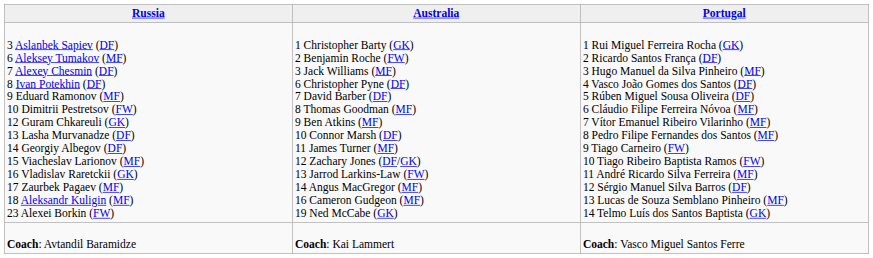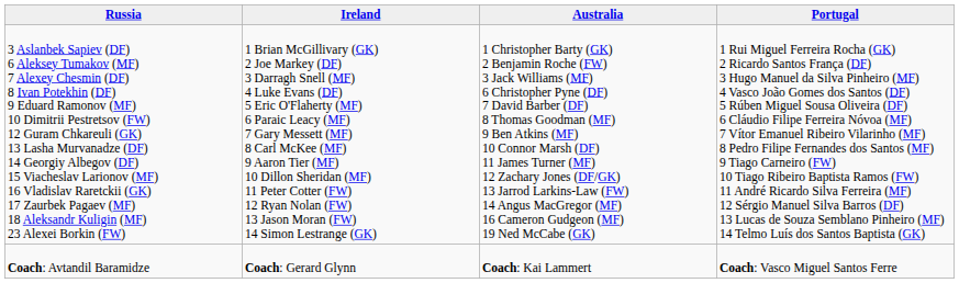 <table class="wikitable mw-collapsible mw-collapsed" cellpadding=5 cellspacing=0 style="width:95%">
 <tr align=center>
 <td bgcolor="#efefef" width="200"><strong> <a href='#'>Russia</a></strong></td>
+<td bgcolor="#efefef" width="200"><strong> <a href='#'>Ireland</a></strong></td>
 <td bgcolor="#efefef" width="200"><strong> <a href='#'>Australia</a></strong></td>
 <td bgcolor="#efefef" width="200"><strong> <a href='#'>Portugal</a></strong></td>
 </tr>
 <tr valign=top>
 <td><br>3 <a href='#'>Aslanbek Sapiev</a> (<a href='#'>DF</a>)<br> 6 <a href='#'>Aleksey Tumakov</a> (<a href='#'>MF</a>)<br> 7 <a href='#'>Alexey Chesmin</a> (<a href='#'>DF</a>)<br> 8 <a href='#'>Ivan Potekhin</a> (<a href='#'>DF</a>)<br> 9 Eduard Ramonov (<a href='#'>MF</a>)<br> 10 Dimitrii Pestretsov (<a href='#'>FW</a>)<br> 12 Guram Chkareuli (<a href='#'>GK</a>)<br> 13 Lasha Murvanadze (<a href='#'>DF</a>)<br> 14 Georgiy Albegov (<a href='#'>DF</a>)<br> 15 Viacheslav Larionov (<a href='#'>MF</a>)<br> 16 Vladislav Raretckii (<a href='#'>GK</a>)<br> 17 Zaurbek Pagaev (<a href='#'>MF</a>)<br> 18 <a href='#'>Aleksandr Kuligin</a> (<a href='#'>MF</a>)<br> 23 Alexei Borkin (<a href='#'>FW</a>)</td>
+<td><br>1 Brian McGillivary (<a href='#'>GK</a>)<br> 2 Joe Markey (<a href='#'>DF</a>)<br> 3 Darragh Snell (<a href='#'>MF</a>)<br> 4 Luke Evans (<a href='#'>DF</a>)<br> 5 Eric O'Flaherty (<a href='#'>MF</a>)<br> 6 Paraic Leacy (<a href='#'>MF</a>)<br> 7 Gary Messett (<a href='#'>MF</a>)<br> 8 Carl McKee (<a href='#'>MF</a>)<br> 9 Aaron Tier (<a href='#'>MF</a>)<br> 10 Dillon Sheridan (<a href='#'>MF</a>)<br> 11 Peter Cotter (<a href='#'>FW</a>)<br> 12 Ryan Nolan (<a href='#'>FW</a>)<br> 13 Jason Moran (<a href='#'>FW</a>)<br> 14 Simon Lestrange (<a href='#'>GK</a>)</td>
 <td><br>1 Christopher Barty (<a href='#'>GK</a>)<br> 2 Benjamin Roche (<a href='#'>FW</a>)<br> 3 Jack Williams (<a href='#'>MF</a>)<br> 6 Christopher Pyne (<a href='#'>DF</a>)<br> 7 David Barber (<a href='#'>DF</a>)<br> 8 Thomas Goodman (<a href='#'>MF</a>)<br> 9 Ben Atkins (<a href='#'>MF</a>)<br> 10 Connor Marsh (<a href='#'>DF</a>)<br> 11 James Turner (<a href='#'>MF</a>)<br> 12 Zachary Jones (<a href='#'>DF</a>/<a href='#'>GK</a>)<br> 13 Jarrod Larkins-Law (<a href='#'>FW</a>)<br> 14 Angus MacGregor (<a href='#'>MF</a>)<br> 16 Cameron Gudgeon (<a href='#'>MF</a>)<br> 19 Ned McCabe (<a href='#'>GK</a>)</td>
 <td><br>1 Rui Miguel Ferreira Rocha (<a href='#'>GK</a>)<br> 2 Ricardo Santos França (<a href='#'>DF</a>)<br> 3 Hugo Manuel da Silva Pinheiro (<a href='#'>MF</a>)<br> 4 Vasco João Gomes dos Santos (<a href='#'>DF</a>)<br> 5 Rúben Miguel Sousa Oliveira (<a href='#'>DF</a>)<br> 6 Cláudio Filipe Ferreira Nóvoa (<a href='#'>MF</a>)<br> 7 Vítor Emanuel Ribeiro Vilarinho (<a href='#'>MF</a>)<br> 8 Pedro Filipe Fernandes dos Santos (<a href='#'>MF</a>)<br> 9 Tiago Carneiro (<a href='#'>FW</a>)<br> 10 Tiago Ribeiro Baptista Ramos (<a href='#'>FW</a>)<br> 11 André Ricardo Silva Ferreira (<a href='#'>MF</a>)<br> 12 Sérgio Manuel Silva Barros (<a href='#'>DF</a>)<br> 13 Lucas de Souza Semblano Pinheiro (<a href='#'>MF</a>)<br> 14 Telmo Luís dos Santos Baptista (<a href='#'>GK</a>)</td>
 </tr>
 <tr valign=top>
 <td><br><strong>Coach</strong>: Avtandil Baramidze</td>
+<td><br><strong>Coach</strong>: Gerard Glynn</td>
 <td><br><strong>Coach</strong>: Kai Lammert</td>
 <td><br><strong>Coach</strong>: Vasco Miguel Santos Ferre</td>
 </tr>
 </table>
